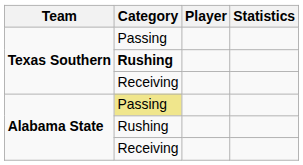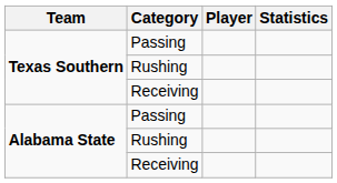 <table class="wikitable" style="float: left;">
 <tr>
 <th>Team</th>
 <th>Category</th>
 <th>Player</th>
 <th>Statistics</th>
 </tr>
 <tr>
 <td rowspan=3><strong>Texas Southern</strong></td>
 <td>Passing</td>
 <td> </td>
 <td> </td>
 </tr>
 <tr>
-<td><strong>Rushing</strong></td>
+<td>Rushing</td>
 <td> </td>
 <td> </td>
 </tr>
 <tr>
 <td>Receiving</td>
 <td> </td>
 <td> </td>
 </tr>
 <tr>
 <td rowspan=3><strong>Alabama State</strong></td>
-<td style="background: khaki;">Passing</td>
+<td>Passing</td>
 <td> </td>
 <td> </td>
 </tr>
 <tr>
 <td>Rushing</td>
 <td> </td>
 <td> </td>
 </tr>
 <tr>
 <td>Receiving</td>
 <td> </td>
 <td> </td>
 </tr>
 </table>
